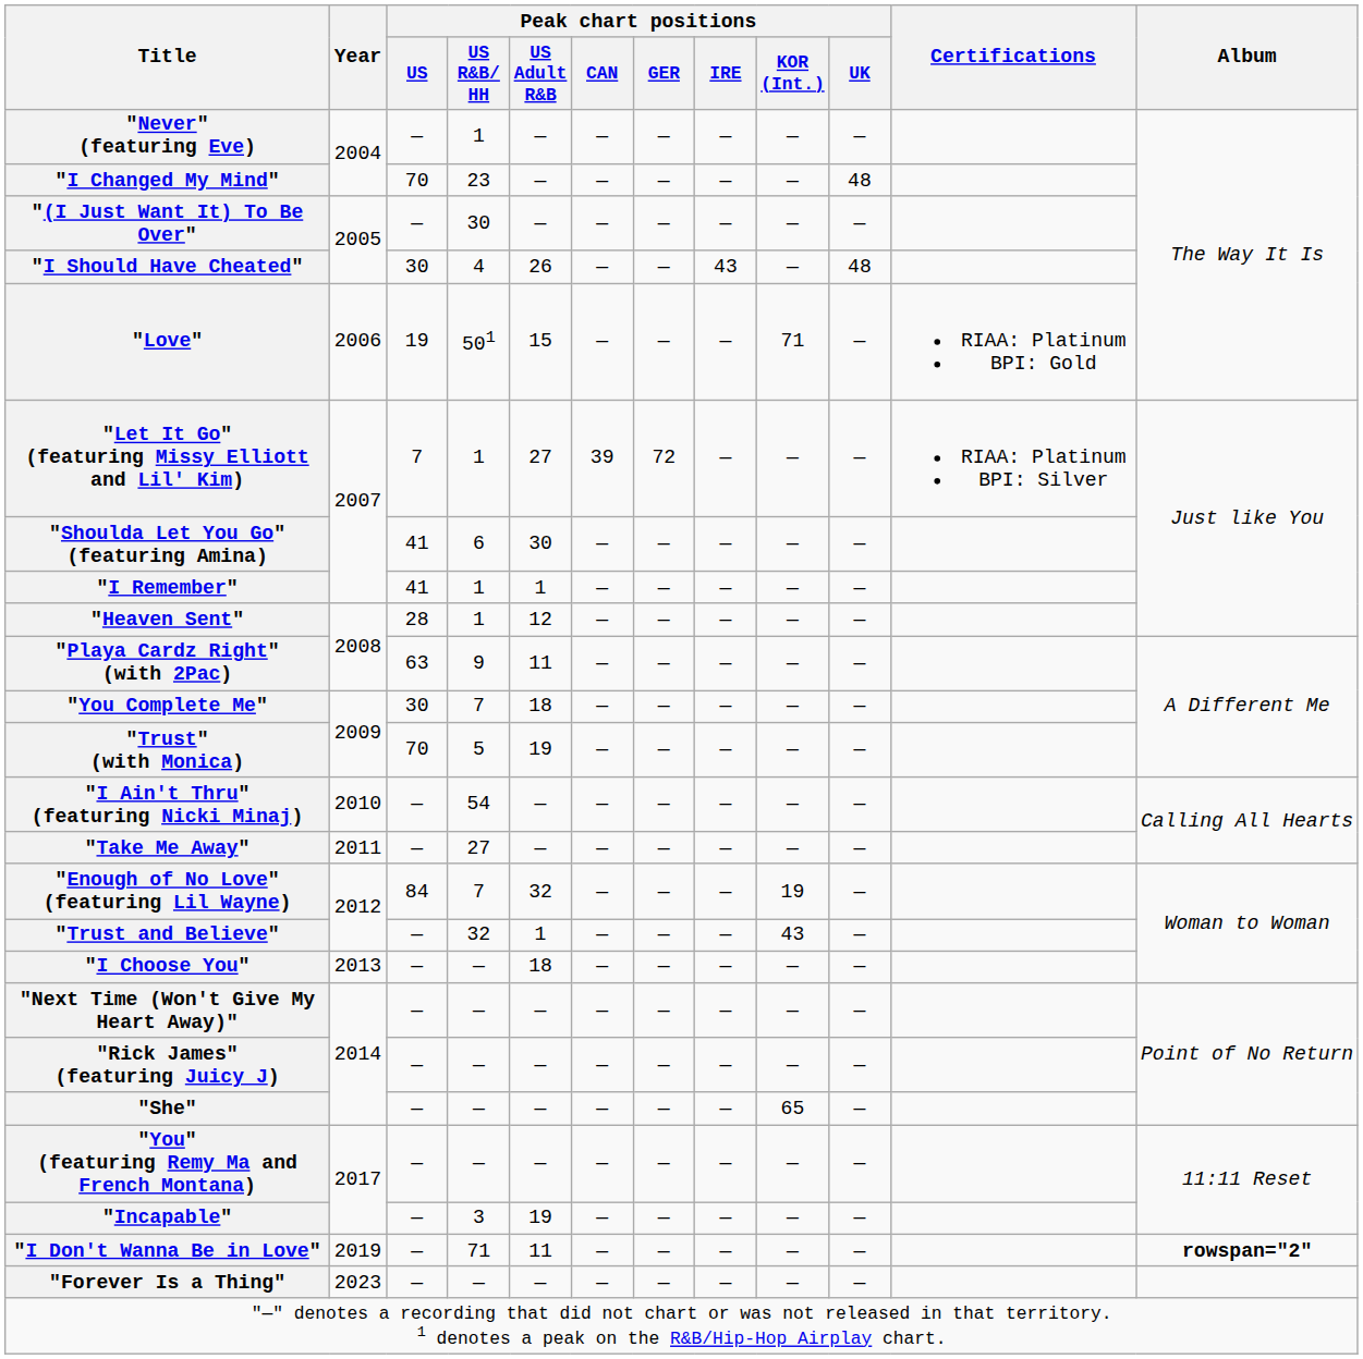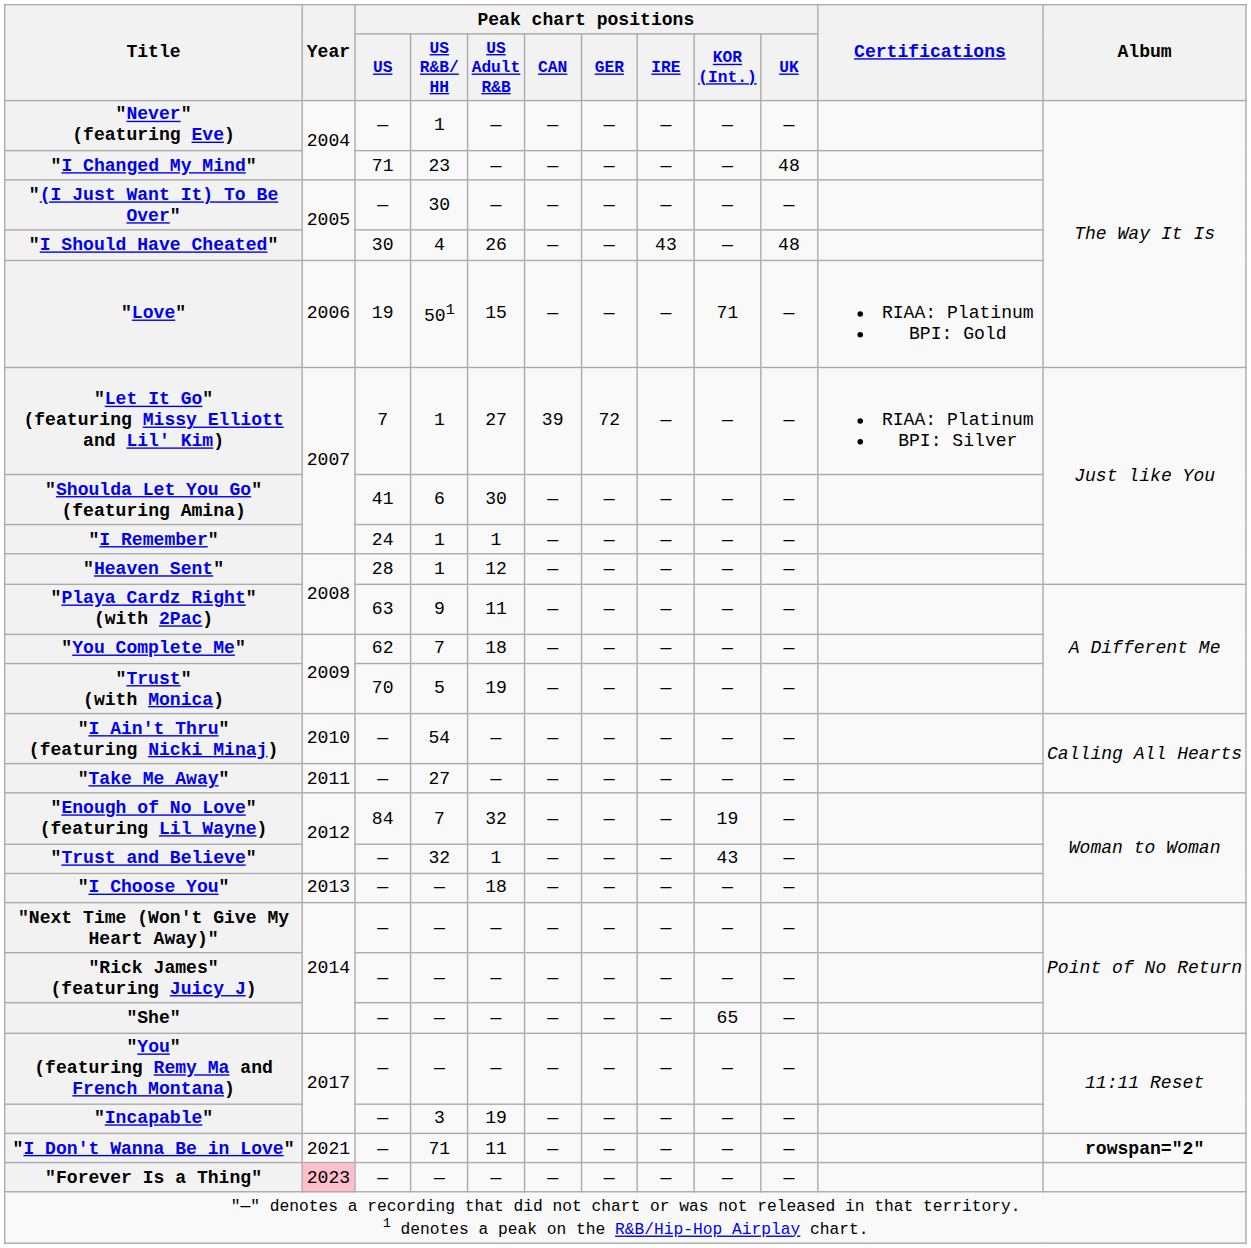 <table class="wikitable plainrowheaders" style="text-align:center;">
 <tr>
 <th scope="col" rowspan="2" style="width:16em;">Title</th>
 <th scope="col" rowspan="2">Year</th>
 <th scope="col" colspan="8">Peak chart positions</th>
 <th scope="col" rowspan="2" style="width:12em;"><a href='#'>Certifications</a></th>
 <th scope="col" rowspan="2">Album</th>
 </tr>
 <tr>
 <th scope="col" style="width:3em;font-size:90%;"><a href='#'>US</a><br></th>
 <th scope="col" style="width:3em;font-size:90%;"><a href='#'>US<br>R&B/<br>HH</a><br></th>
 <th scope="col" style="width:3em;font-size:90%;"><a href='#'>US<br>Adult R&B</a><br></th>
 <th scope="col" style="width:3em;font-size:90%;"><a href='#'>CAN</a><br></th>
 <th scope="col" style="width:3em;font-size:90%;"><a href='#'>GER</a><br></th>
 <th scope="col" style="width:3em;font-size:90%;"><a href='#'>IRE</a><br></th>
 <th scope="col" style="width:3em;font-size:90%;"><a href='#'>KOR<br>(Int.)</a><br></th>
 <th scope="col" style="width:3em;font-size:90%;"><a href='#'>UK</a><br></th>
 </tr>
 <tr>
 <th scope="row">"<a href='#'>Never</a>"<br><span>(featuring <a href='#'>Eve</a>)</span></th>
 <td rowspan="2">2004</td>
 <td>—</td>
 <td>1</td>
 <td>—</td>
 <td>—</td>
 <td>—</td>
 <td>—</td>
 <td>—</td>
 <td>—</td>
 <td></td>
 <td rowspan="5"><em>The Way It Is</em></td>
 </tr>
 <tr>
 <th scope="row">"<a href='#'>I Changed My Mind</a>"</th>
-<td>70</td>
+<td>71</td>
 <td>23</td>
 <td>—</td>
 <td>—</td>
 <td>—</td>
 <td>—</td>
 <td>—</td>
 <td>48</td>
 <td></td>
 </tr>
 <tr>
 <th scope="row">"<a href='#'>(I Just Want It) To Be Over</a>"</th>
 <td rowspan="2">2005</td>
 <td>—</td>
 <td>30</td>
 <td>—</td>
 <td>—</td>
 <td>—</td>
 <td>—</td>
 <td>—</td>
 <td>—</td>
 <td></td>
 </tr>
 <tr>
 <th scope="row">"<a href='#'>I Should Have Cheated</a>"</th>
 <td>30</td>
 <td>4</td>
 <td>26</td>
 <td>—</td>
 <td>—</td>
 <td>43</td>
 <td>—</td>
 <td>48</td>
 </tr>
 <tr>
 <th scope="row">"<a href='#'>Love</a>"</th>
 <td>2006</td>
 <td>19</td>
 <td>50<sup>1</sup></td>
 <td>15</td>
 <td>—</td>
 <td>—</td>
 <td>—</td>
 <td>71</td>
 <td>—</td>
 <td><br><ul><li>RIAA: Platinum</li><li>BPI: Gold</li></ul></td>
 </tr>
 <tr>
 <th scope="row">"<a href='#'>Let It Go</a>"<br><span>(featuring <a href='#'>Missy Elliott</a> and <a href='#'>Lil' Kim</a>)</span></th>
 <td rowspan="3">2007</td>
 <td>7</td>
 <td>1</td>
 <td>27</td>
 <td>39</td>
 <td>72</td>
 <td>—</td>
 <td>—</td>
 <td>—</td>
 <td><br><ul><li>RIAA: Platinum</li><li>BPI: Silver</li></ul></td>
 <td rowspan="4"><em>Just like You</em></td>
 </tr>
 <tr>
 <th scope="row">"<a href='#'>Shoulda Let You Go</a>"<br><span>(featuring Amina)</span></th>
 <td>41</td>
 <td>6</td>
 <td>30</td>
 <td>—</td>
 <td>—</td>
 <td>—</td>
 <td>—</td>
 <td>—</td>
 <td></td>
 </tr>
 <tr>
 <th scope="row">"<a href='#'>I Remember</a>"</th>
-<td>41</td>
+<td>24</td>
 <td>1</td>
 <td>1</td>
 <td>—</td>
 <td>—</td>
 <td>—</td>
 <td>—</td>
 <td>—</td>
 <td></td>
 </tr>
 <tr>
 <th scope="row">"<a href='#'>Heaven Sent</a>"</th>
 <td rowspan="2">2008</td>
 <td>28</td>
 <td>1</td>
 <td>12</td>
 <td>—</td>
 <td>—</td>
 <td>—</td>
 <td>—</td>
 <td>—</td>
 <td></td>
 </tr>
 <tr>
 <th scope="row">"<a href='#'>Playa Cardz Right</a>"<br><span>(with <a href='#'>2Pac</a>)</span></th>
 <td>63</td>
 <td>9</td>
 <td>11</td>
 <td>—</td>
 <td>—</td>
 <td>—</td>
 <td>—</td>
 <td>—</td>
 <td></td>
 <td rowspan="3"><em>A Different Me</em></td>
 </tr>
 <tr>
 <th scope="row">"<a href='#'>You Complete Me</a>"</th>
 <td rowspan="2">2009</td>
-<td>30</td>
+<td>62</td>
 <td>7</td>
 <td>18</td>
 <td>—</td>
 <td>—</td>
 <td>—</td>
 <td>—</td>
 <td>—</td>
 <td></td>
 </tr>
 <tr>
 <th scope="row">"<a href='#'>Trust</a>"<br><span>(with <a href='#'>Monica</a>)</span></th>
 <td>70</td>
 <td>5</td>
 <td>19</td>
 <td>—</td>
 <td>—</td>
 <td>—</td>
 <td>—</td>
 <td>—</td>
 <td></td>
 </tr>
 <tr>
 <th scope="row">"<a href='#'>I Ain't Thru</a>"<br><span>(featuring <a href='#'>Nicki Minaj</a>)</span></th>
 <td>2010</td>
 <td>—</td>
 <td>54</td>
 <td>—</td>
 <td>—</td>
 <td>—</td>
 <td>—</td>
 <td>—</td>
 <td>—</td>
 <td></td>
 <td rowspan="2"><em>Calling All Hearts</em></td>
 </tr>
 <tr>
 <th scope="row">"<a href='#'>Take Me Away</a>"</th>
 <td>2011</td>
 <td>—</td>
 <td>27</td>
 <td>—</td>
 <td>—</td>
 <td>—</td>
 <td>—</td>
 <td>—</td>
 <td>—</td>
 <td></td>
 </tr>
 <tr>
 <th scope="row">"<a href='#'>Enough of No Love</a>"<br><span>(featuring <a href='#'>Lil Wayne</a>)</span></th>
 <td rowspan="2">2012</td>
 <td>84</td>
 <td>7</td>
 <td>32</td>
 <td>—</td>
 <td>—</td>
 <td>—</td>
 <td>19</td>
 <td>—</td>
 <td></td>
 <td rowspan="3"><em>Woman to Woman</em></td>
 </tr>
 <tr>
 <th scope="row">"<a href='#'>Trust and Believe</a>"</th>
 <td>—</td>
 <td>32</td>
 <td>1</td>
 <td>—</td>
 <td>—</td>
 <td>—</td>
 <td>43</td>
 <td>—</td>
 <td></td>
 </tr>
 <tr>
 <th scope="row">"<a href='#'>I Choose You</a>"</th>
 <td>2013</td>
 <td>—</td>
 <td>—</td>
 <td>18</td>
 <td>—</td>
 <td>—</td>
 <td>—</td>
 <td>—</td>
 <td>—</td>
 <td></td>
 </tr>
 <tr>
 <th scope="row">"Next Time (Won't Give My Heart Away)"</th>
 <td rowspan="3">2014</td>
 <td>—</td>
 <td>—</td>
 <td>—</td>
 <td>—</td>
 <td>—</td>
 <td>—</td>
 <td>—</td>
 <td>—</td>
 <td></td>
 <td rowspan="3"><em>Point of No Return</em></td>
 </tr>
 <tr>
 <th scope="row">"Rick James"<br><span>(featuring <a href='#'>Juicy J</a>)</span></th>
 <td>—</td>
 <td>—</td>
 <td>—</td>
 <td>—</td>
 <td>—</td>
 <td>—</td>
 <td>—</td>
 <td>—</td>
 <td></td>
 </tr>
 <tr>
 <th scope="row">"She"</th>
 <td>—</td>
 <td>—</td>
 <td>—</td>
 <td>—</td>
 <td>—</td>
 <td>—</td>
 <td>65</td>
 <td>—</td>
 <td></td>
 </tr>
 <tr>
 <th scope="row">"<a href='#'>You</a>"<br><span>(featuring <a href='#'>Remy Ma</a> and <a href='#'>French Montana</a>)</span></th>
 <td rowspan="2">2017</td>
 <td>—</td>
 <td>—</td>
 <td>—</td>
 <td>—</td>
 <td>—</td>
 <td>—</td>
 <td>—</td>
 <td>—</td>
 <td></td>
 <td rowspan="2"><em>11:11 Reset</em></td>
 </tr>
 <tr>
 <th scope="row">"<a href='#'>Incapable</a>"</th>
 <td>—</td>
 <td>3</td>
 <td>19</td>
 <td>—</td>
 <td>—</td>
 <td>—</td>
 <td>—</td>
 <td>—</td>
 <td></td>
 </tr>
 <tr>
 <th scope="row">"<a href='#'>I Don't Wanna Be in Love</a>"</th>
-<td rowspan="1">2019</td>
+<td rowspan="1">2021</td>
 <td>—</td>
 <td>71</td>
 <td>11</td>
 <td>—</td>
 <td>—</td>
 <td>—</td>
 <td>—</td>
 <td>—</td>
 <td></td>
 <td><strong>rowspan="2" </strong></td>
 </tr>
 <tr>
 <th scope="row">"Forever Is a Thing"</th>
-<td>2023</td>
+<td style="background: pink;">2023</td>
 <td>—</td>
 <td>—</td>
 <td>—</td>
 <td>—</td>
 <td>—</td>
 <td>—</td>
 <td>—</td>
 <td>—</td>
 <td></td>
 </tr>
 <tr>
 <td colspan="14" style="font-size:90%">"—" denotes a recording that did not chart or was not released in that territory.<br><sup>1</sup> denotes a peak on the <a href='#'>R&B/Hip-Hop Airplay</a> chart.</td>
 </tr>
 </table>
